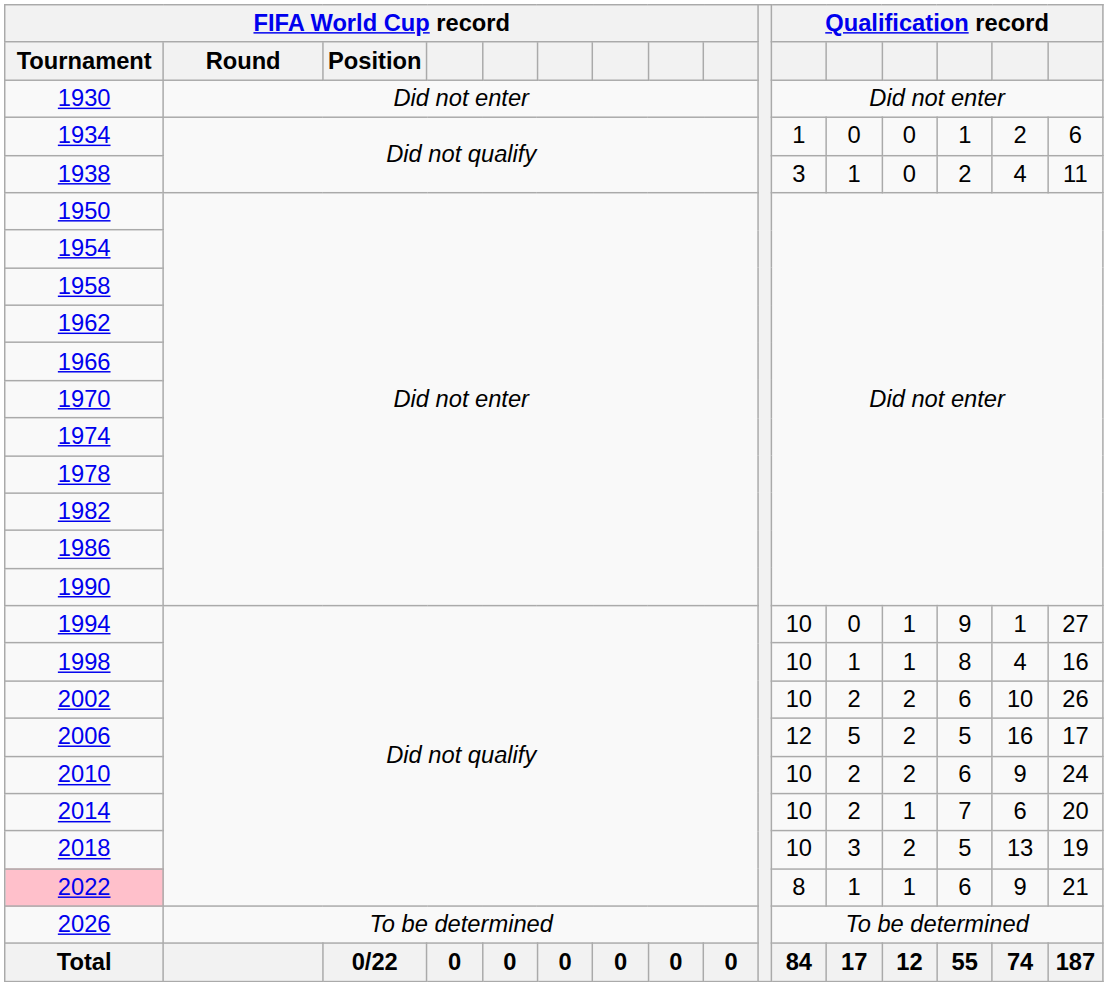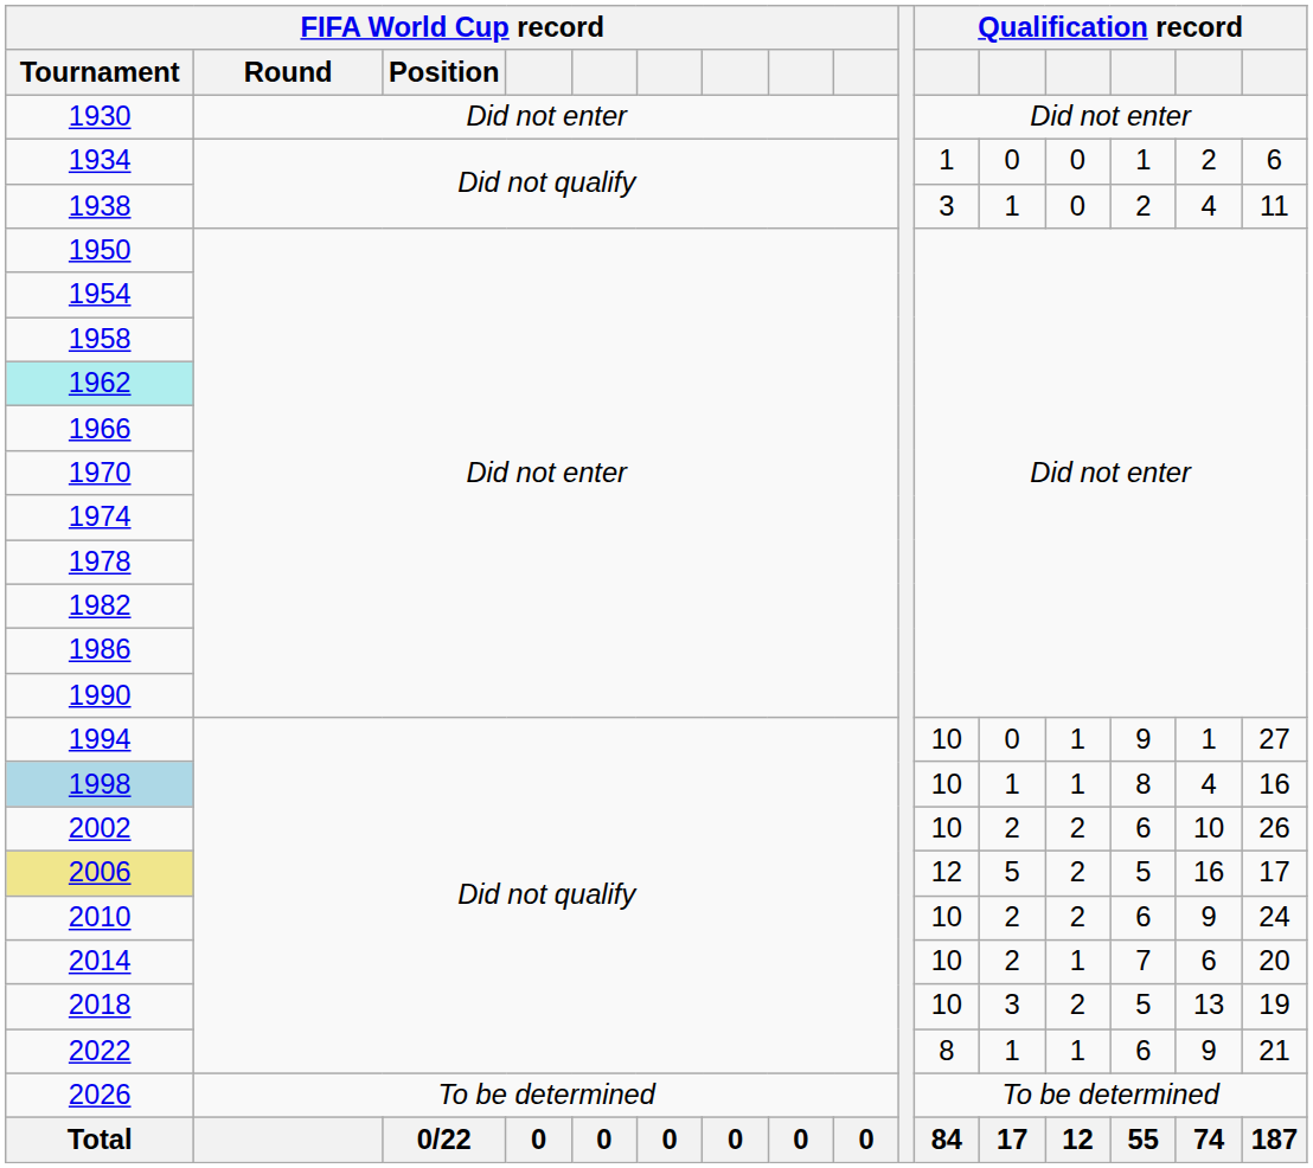 <table class="wikitable" style="text-align: center;">
 <tr>
 <th colspan=9><a href='#'>FIFA World Cup</a> record</th>
 <th width=1 rowspan=26></th>
 <th colspan=6><a href='#'>Qualification</a> record</th>
 </tr>
 <tr>
 <th width=100>Tournament</th>
 <th width=100>Round</th>
 <th width=60>Position</th>
 <th width=30></th>
 <th width=30></th>
 <th width=30></th>
 <th width=30></th>
 <th width=30></th>
 <th width=30></th>
 <th width=30></th>
 <th width=30></th>
 <th width=30></th>
 <th width=30></th>
 <th width=30></th>
 <th width=30></th>
 </tr>
 <tr>
 <td> <a href='#'>1930</a></td>
 <td colspan=8><em>Did not enter</em></td>
 <td colspan=6><em>Did not enter</em></td>
 </tr>
 <tr>
 <td> <a href='#'>1934</a></td>
 <td rowspan=2 colspan=8><em>Did not qualify</em></td>
 <td>1</td>
 <td>0</td>
 <td>0</td>
 <td>1</td>
 <td>2</td>
 <td>6</td>
 </tr>
 <tr>
 <td> <a href='#'>1938</a></td>
 <td>3</td>
 <td>1</td>
 <td>0</td>
 <td>2</td>
 <td>4</td>
 <td>11</td>
 </tr>
 <tr>
 <td> <a href='#'>1950</a></td>
 <td rowspan=11 colspan=8><em>Did not enter</em></td>
 <td rowspan=11 colspan=6><em>Did not enter</em></td>
 </tr>
 <tr>
 <td> <a href='#'>1954</a></td>
 </tr>
 <tr>
 <td> <a href='#'>1958</a></td>
 </tr>
 <tr>
-<td> <a href='#'>1962</a></td>
+<td style="background: paleturquoise;"> <a href='#'>1962</a></td>
 </tr>
 <tr>
 <td> <a href='#'>1966</a></td>
 </tr>
 <tr>
 <td> <a href='#'>1970</a></td>
 </tr>
 <tr>
 <td> <a href='#'>1974</a></td>
 </tr>
 <tr>
 <td> <a href='#'>1978</a></td>
 </tr>
 <tr>
 <td> <a href='#'>1982</a></td>
 </tr>
 <tr>
 <td> <a href='#'>1986</a></td>
 </tr>
 <tr>
 <td> <a href='#'>1990</a></td>
 </tr>
 <tr>
 <td> <a href='#'>1994</a></td>
 <td rowspan=8 colspan=8><em>Did not qualify</em></td>
 <td>10</td>
 <td>0</td>
 <td>1</td>
 <td>9</td>
 <td>1</td>
 <td>27</td>
 </tr>
 <tr>
-<td> <a href='#'>1998</a></td>
+<td style="background: lightblue;"> <a href='#'>1998</a></td>
 <td>10</td>
 <td>1</td>
 <td>1</td>
 <td>8</td>
 <td>4</td>
 <td>16</td>
 </tr>
 <tr>
 <td>  <a href='#'>2002</a></td>
 <td>10</td>
 <td>2</td>
 <td>2</td>
 <td>6</td>
 <td>10</td>
 <td>26</td>
 </tr>
 <tr>
-<td> <a href='#'>2006</a></td>
+<td style="background: khaki;"> <a href='#'>2006</a></td>
 <td>12</td>
 <td>5</td>
 <td>2</td>
 <td>5</td>
 <td>16</td>
 <td>17</td>
 </tr>
 <tr>
 <td> <a href='#'>2010</a></td>
 <td>10</td>
 <td>2</td>
 <td>2</td>
 <td>6</td>
 <td>9</td>
 <td>24</td>
 </tr>
 <tr>
 <td> <a href='#'>2014</a></td>
 <td>10</td>
 <td>2</td>
 <td>1</td>
 <td>7</td>
 <td>6</td>
 <td>20</td>
 </tr>
 <tr>
 <td> <a href='#'>2018</a></td>
 <td>10</td>
 <td>3</td>
 <td>2</td>
 <td>5</td>
 <td>13</td>
 <td>19</td>
 </tr>
 <tr>
-<td style="background: pink;"> <a href='#'>2022</a></td>
+<td> <a href='#'>2022</a></td>
 <td>8</td>
 <td>1</td>
 <td>1</td>
 <td>6</td>
 <td>9</td>
 <td>21</td>
 </tr>
 <tr>
 <td>   <a href='#'>2026</a></td>
 <td colspan=8><em>To be determined</em></td>
 <td colspan=6><em>To be determined</em></td>
 </tr>
 <tr>
 <th>Total</th>
 <th></th>
 <th>0/22</th>
 <th>0</th>
 <th>0</th>
 <th>0</th>
 <th>0</th>
 <th>0</th>
 <th>0</th>
 <th>84</th>
 <th>17</th>
 <th>12</th>
 <th>55</th>
 <th>74</th>
 <th>187</th>
 </tr>
 </table>
